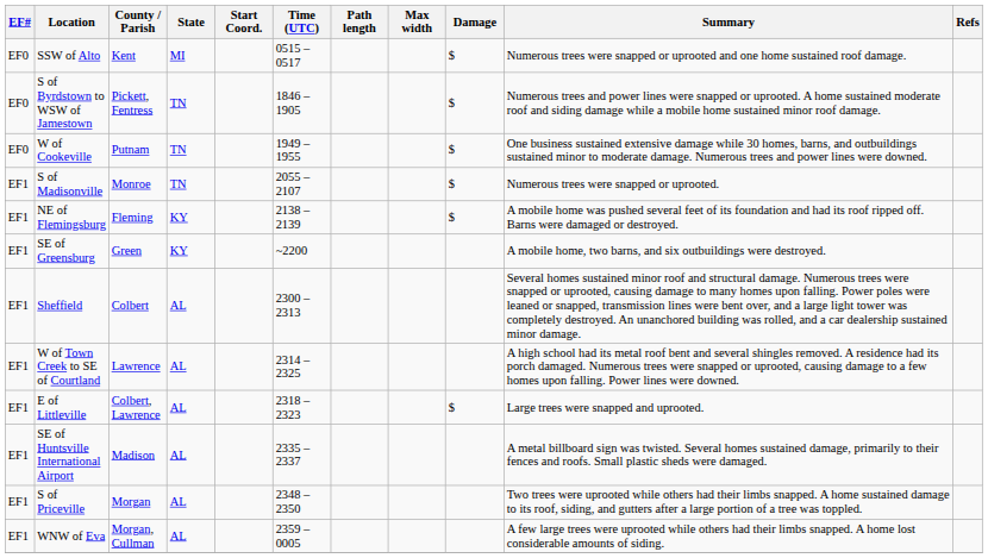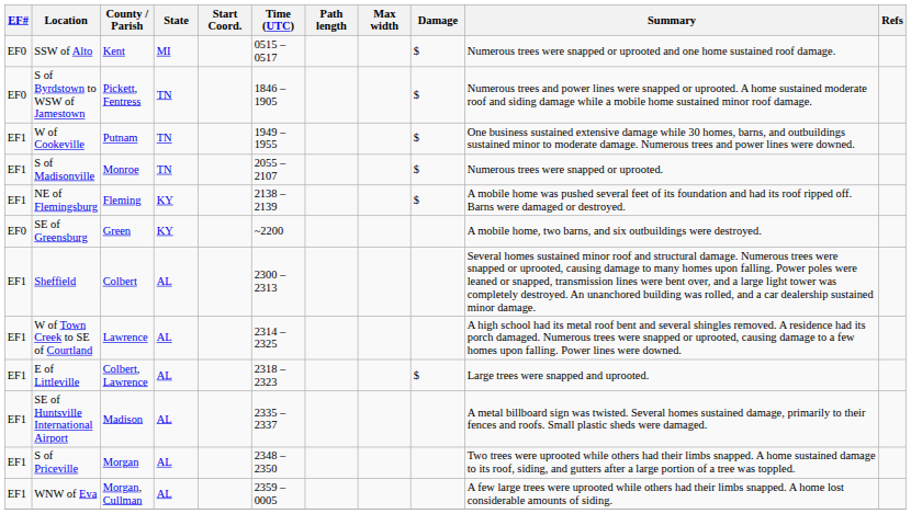 <table class="wikitable sortable" style="width:100%;">
 <tr>
 <th scope="col" width="3%" align="center"><a href='#'>EF#</a></th>
 <th scope="col" width="7%" align="center" class="unsortable">Location</th>
 <th scope="col" width="6%" align="center" class="unsortable">County / Parish</th>
 <th scope="col" width="5%" align="center">State</th>
 <th scope="col" width="6%" align="center">Start Coord.</th>
 <th scope="col" width="6%" align="center">Time (<a href='#'>UTC</a>)</th>
 <th scope="col" width="6%" align="center">Path length</th>
 <th scope="col" width="6%" align="center">Max width</th>
 <th scope="col" width="6%" align="center">Damage</th>
 <th scope="col" width="48%" class="unsortable" align="center">Summary</th>
 <th scope="col" width="48%" class="unsortable" align="center">Refs</th>
 </tr>
 <tr>
 <td>EF0</td>
 <td>SSW of <a href='#'>Alto</a></td>
 <td><a href='#'>Kent</a></td>
 <td><a href='#'>MI</a></td>
 <td></td>
 <td>0515 – 0517</td>
 <td></td>
 <td></td>
 <td>$</td>
 <td>Numerous trees were snapped or uprooted and one home sustained roof damage.</td>
 <td></td>
 </tr>
 <tr>
 <td>EF0</td>
 <td>S of <a href='#'>Byrdstown</a> to WSW of <a href='#'>Jamestown</a></td>
 <td><a href='#'>Pickett</a>, <a href='#'>Fentress</a></td>
 <td><a href='#'>TN</a></td>
 <td></td>
 <td>1846 – 1905</td>
 <td></td>
 <td></td>
 <td>$</td>
 <td>Numerous trees and power lines were snapped or uprooted. A home sustained moderate roof and siding damage while a mobile home sustained minor roof damage.</td>
 <td></td>
 </tr>
 <tr>
-<td>EF0</td>
+<td>EF1</td>
 <td>W of <a href='#'>Cookeville</a></td>
 <td><a href='#'>Putnam</a></td>
 <td><a href='#'>TN</a></td>
 <td></td>
 <td>1949 – 1955</td>
 <td></td>
 <td></td>
 <td>$</td>
 <td>One business sustained extensive damage while 30 homes, barns, and outbuildings sustained minor to moderate damage. Numerous trees and power lines were downed.</td>
 <td></td>
 </tr>
 <tr>
 <td>EF1</td>
 <td>S of <a href='#'>Madisonville</a></td>
 <td><a href='#'>Monroe</a></td>
 <td><a href='#'>TN</a></td>
 <td></td>
 <td>2055 – 2107</td>
 <td></td>
 <td></td>
 <td>$</td>
 <td>Numerous trees were snapped or uprooted.</td>
 <td></td>
 </tr>
 <tr>
 <td>EF1</td>
 <td>NE of <a href='#'>Flemingsburg</a></td>
 <td><a href='#'>Fleming</a></td>
 <td><a href='#'>KY</a></td>
 <td></td>
 <td>2138 – 2139</td>
 <td></td>
 <td></td>
 <td>$</td>
 <td>A mobile home was pushed several feet of its foundation and had its roof ripped off. Barns were damaged or destroyed.</td>
 <td></td>
 </tr>
 <tr>
-<td>EF1</td>
+<td>EF0</td>
 <td>SE of <a href='#'>Greensburg</a></td>
 <td><a href='#'>Green</a></td>
 <td><a href='#'>KY</a></td>
 <td></td>
 <td>~2200</td>
 <td></td>
 <td></td>
 <td></td>
 <td>A mobile home, two barns, and six outbuildings were destroyed.</td>
 <td></td>
 </tr>
 <tr>
 <td>EF1</td>
 <td><a href='#'>Sheffield</a></td>
 <td><a href='#'>Colbert</a></td>
 <td><a href='#'>AL</a></td>
 <td></td>
 <td>2300 – 2313</td>
 <td></td>
 <td></td>
 <td></td>
 <td>Several homes sustained minor roof and structural damage. Numerous trees were snapped or uprooted, causing damage to many homes upon falling. Power poles were leaned or snapped, transmission lines were bent over, and a large light tower was completely destroyed. An unanchored building was rolled, and a car dealership sustained minor damage.</td>
 <td></td>
 </tr>
 <tr>
 <td>EF1</td>
 <td>W of <a href='#'>Town Creek</a> to SE of <a href='#'>Courtland</a></td>
 <td><a href='#'>Lawrence</a></td>
 <td><a href='#'>AL</a></td>
 <td></td>
 <td>2314 – 2325</td>
 <td></td>
 <td></td>
 <td></td>
 <td>A high school had its metal roof bent and several shingles removed. A residence had its porch damaged. Numerous trees were snapped or uprooted, causing damage to a few homes upon falling. Power lines were downed.</td>
 <td></td>
 </tr>
 <tr>
 <td>EF1</td>
 <td>E of <a href='#'>Littleville</a></td>
 <td><a href='#'>Colbert</a>, <a href='#'>Lawrence</a></td>
 <td><a href='#'>AL</a></td>
 <td></td>
 <td>2318 – 2323</td>
 <td></td>
 <td></td>
 <td>$</td>
 <td>Large trees were snapped and uprooted.</td>
 <td></td>
 </tr>
 <tr>
 <td>EF1</td>
 <td>SE of <a href='#'>Huntsville International Airport</a></td>
 <td><a href='#'>Madison</a></td>
 <td><a href='#'>AL</a></td>
 <td></td>
 <td>2335 – 2337</td>
 <td></td>
 <td></td>
 <td></td>
 <td>A metal billboard sign was twisted. Several homes sustained damage, primarily to their fences and roofs. Small plastic sheds were damaged.</td>
 <td></td>
 </tr>
 <tr>
 <td>EF1</td>
 <td>S of <a href='#'>Priceville</a></td>
 <td><a href='#'>Morgan</a></td>
 <td><a href='#'>AL</a></td>
 <td></td>
 <td>2348 – 2350</td>
 <td></td>
 <td></td>
 <td></td>
 <td>Two trees were uprooted while others had their limbs snapped. A home sustained damage to its roof, siding, and gutters after a large portion of a tree was toppled.</td>
 <td></td>
 </tr>
 <tr>
 <td>EF1</td>
 <td>WNW of <a href='#'>Eva</a></td>
 <td><a href='#'>Morgan</a>, <a href='#'>Cullman</a></td>
 <td><a href='#'>AL</a></td>
 <td></td>
 <td>2359 – 0005</td>
 <td></td>
 <td></td>
 <td></td>
 <td>A few large trees were uprooted while others had their limbs snapped. A home lost considerable amounts of siding.</td>
 <td></td>
 </tr>
 <tr>
 </tr>
 </table>
